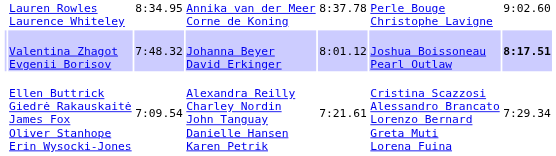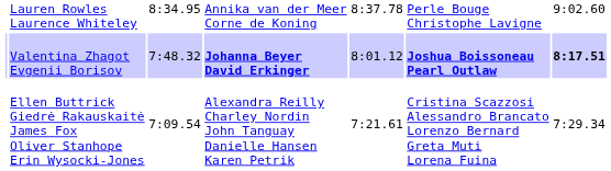 <table>
 <tr>
 <td><br></td>
 <td><br><a href='#'>Lauren Rowles</a><br><a href='#'>Laurence Whiteley</a></td>
 <td>8:34.95</td>
 <td><br><a href='#'>Annika van der Meer</a><br><a href='#'>Corne de Koning</a></td>
 <td>8:37.78</td>
 <td><br><a href='#'>Perle Bouge</a><br><a href='#'>Christophe Lavigne</a></td>
 <td>9:02.60</td>
 </tr>
 <tr bgcolor="#ccccff">
 <td><br></td>
 <td><br><a href='#'>Valentina Zhagot</a><br><a href='#'>Evgenii Borisov</a></td>
 <td>7:48.32</td>
-<td><br><a href='#'>Johanna Beyer</a><br><a href='#'>David Erkinger</a></td>
+<td><strong><br><a href='#'>Johanna Beyer</a><br><a href='#'>David Erkinger</a></strong></td>
 <td>8:01.12</td>
-<td><br><a href='#'>Joshua Boissoneau</a><br><a href='#'>Pearl Outlaw</a></td>
+<td><strong><br><a href='#'>Joshua Boissoneau</a><br><a href='#'>Pearl Outlaw</a></strong></td>
 <td><strong>8:17.51</strong></td>
 </tr>
 <tr>
 <td><br></td>
 <td><br><a href='#'>Ellen Buttrick</a><br><a href='#'>Giedrė Rakauskaitė</a><br><a href='#'>James Fox</a><br><a href='#'>Oliver Stanhope</a><br><a href='#'>Erin Wysocki-Jones</a></td>
 <td>7:09.54</td>
 <td><br><a href='#'>Alexandra Reilly</a><br><a href='#'>Charley Nordin</a><br><a href='#'>John Tanguay</a><br><a href='#'>Danielle Hansen</a><br><a href='#'>Karen Petrik</a></td>
 <td>7:21.61</td>
 <td><br><a href='#'>Cristina Scazzosi</a><br><a href='#'>Alessandro Brancato</a><br><a href='#'>Lorenzo Bernard</a><br><a href='#'>Greta Muti</a><br><a href='#'>Lorena Fuina</a></td>
 <td>7:29.34</td>
 </tr>
 </table>
